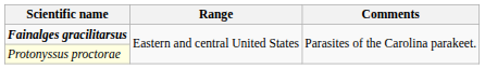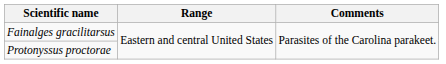 <table class="wikitable sortable">
 <tr>
 <th>Scientific name</th>
 <th>Range</th>
 <th class="unsortable">Comments</th>
 </tr>
 <tr>
-<td><strong><em>Fainalges gracilitarsus</em></strong></td>
+<td><em>Fainalges gracilitarsus</em></td>
 <td rowspan="2">Eastern and central United States</td>
 <td rowspan="2">Parasites of the Carolina parakeet.</td>
 </tr>
 <tr>
-<td style="background: lightyellow;"><em>Protonyssus proctorae</em></td>
+<td><em>Protonyssus proctorae</em></td>
 </tr>
 </table>
